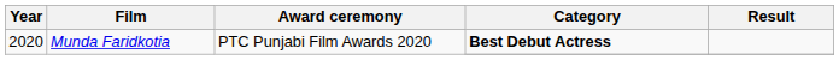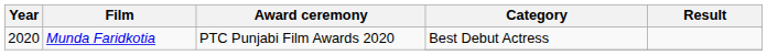 <table class="wikitable plainrowheaders">
 <tr>
 <th width=5%>Year</th>
 <th style="width:20%;">Film</th>
 <th style="width:30%;">Award ceremony</th>
 <th style="width:29%;">Category</th>
 <th style="width:15%;">Result</th>
 </tr>
 <tr>
 <td rowspan="2">2020</td>
 <td rowspan="2"><em><a href='#'>Munda Faridkotia</a></em></td>
 <td rowspan="2">PTC Punjabi Film Awards 2020 </td>
-<td><strong>Best Debut Actress</strong></td>
+<td>Best Debut Actress</td>
 <td></td>
 </tr>
 <tr>
 </tr>
 </table>
